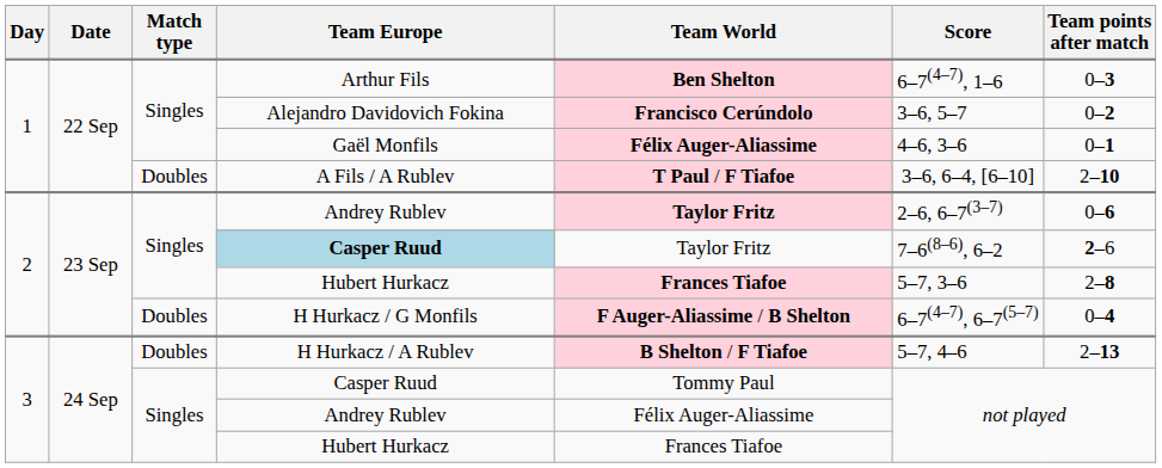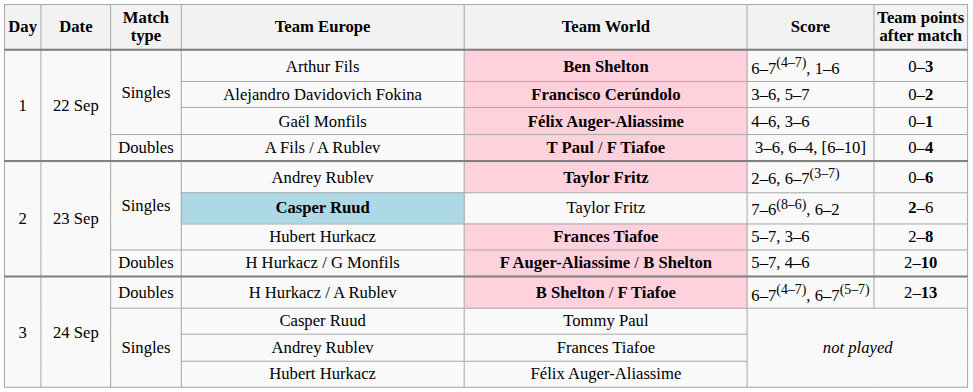 <table class="wikitable nowrap" style="text-align:center">
 <tr>
 <th>Day</th>
 <th width=60>Date</th>
 <th width=60>Match <br> type</th>
 <th width=265> Team Europe</th>
 <th width=265> Team World</th>
 <th>Score</th>
 <th>Team points <br> after match</th>
 </tr>
 <tr style="border-top:2px solid gray;">
 <td rowspan=4>1</td>
 <td rowspan=4>22 Sep</td>
 <td rowspan=3>Singles</td>
 <td> Arthur Fils</td>
 <td bgcolor="ffd1dc"> <strong>Ben Shelton</strong></td>
 <td style="text-align:left">6–7<sup>(4–7)</sup>, 1–6</td>
 <td>0–<strong>3</strong></td>
 </tr>
 <tr>
 <td> Alejandro Davidovich Fokina</td>
 <td bgcolor="ffd1dc"> <strong>Francisco Cerúndolo</strong></td>
 <td style="text-align:left">3–6, 5–7</td>
 <td>0–<strong>2</strong></td>
 </tr>
 <tr>
 <td> Gaël Monfils</td>
 <td bgcolor="ffd1dc"> <strong>Félix Auger-Aliassime</strong></td>
 <td style="text-align:left">4–6, 3–6</td>
 <td>0–<strong>1</strong></td>
 </tr>
 <tr>
 <td>Doubles</td>
 <td> A Fils /  A Rublev</td>
 <td bgcolor="ffd1dc"> <strong>T Paul</strong> /  <strong>F Tiafoe</strong></td>
 <td>3–6, 6–4, [6–10]</td>
-<td>2–<strong>10</strong></td>
+<td>0–<strong>4</strong></td>
 </tr>
 <tr style="border-top:2px solid gray;">
 <td rowspan=4>2</td>
 <td rowspan=4>23 Sep</td>
 <td rowspan=3>Singles</td>
 <td> Andrey Rublev</td>
 <td bgcolor="ffd1dc"> <strong>Taylor Fritz</strong></td>
 <td style="text-align:left">2–6, 6–7<sup>(3–7)</sup></td>
 <td>0–<strong>6</strong></td>
 </tr>
 <tr>
 <td bgcolor="lightblue"> <strong>Casper Ruud</strong></td>
 <td> Taylor Fritz</td>
 <td style="text-align:left">7–6<sup>(8–6)</sup>, 6–2</td>
 <td><strong>2</strong>–6</td>
 </tr>
 <tr>
 <td> Hubert Hurkacz</td>
 <td bgcolor="ffd1dc"> <strong>Frances Tiafoe</strong></td>
 <td style="text-align:left">5–7, 3–6</td>
 <td>2–<strong>8</strong></td>
 </tr>
 <tr>
 <td>Doubles</td>
 <td> H Hurkacz /  G Monfils</td>
 <td bgcolor="ffd1dc"> <strong>F Auger-Aliassime</strong> /  <strong>B Shelton</strong></td>
-<td style="text-align:left">6–7<sup>(4–7)</sup>, 6–7<sup>(5–7)</sup></td>
-<td>0–<strong>4</strong></td>
+<td style="text-align:left">5–7, 4–6</td>
+<td>2–<strong>10</strong></td>
 </tr>
 <tr style="border-top:2px solid gray;">
 <td rowspan=4>3</td>
 <td rowspan=4>24 Sep</td>
 <td>Doubles</td>
 <td> H Hurkacz / A Rublev</td>
 <td bgcolor="ffd1dc"> <strong>B Shelton</strong> /  <strong>F Tiafoe</strong></td>
-<td style="text-align:left">5–7, 4–6</td>
+<td style="text-align:left">6–7<sup>(4–7)</sup>, 6–7<sup>(5–7)</sup></td>
 <td>2–<strong>13</strong></td>
 </tr>
 <tr>
 <td rowspan=3>Singles</td>
 <td> Casper Ruud</td>
 <td> Tommy Paul</td>
 <td rowspan=3 colspan=2><em>not played</em></td>
 </tr>
 <tr>
 <td> Andrey Rublev</td>
-<td> Félix Auger-Aliassime</td>
+<td> Frances Tiafoe</td>
 </tr>
 <tr>
 <td> Hubert Hurkacz</td>
-<td> Frances Tiafoe</td>
+<td> Félix Auger-Aliassime</td>
 </tr>
 </table>
